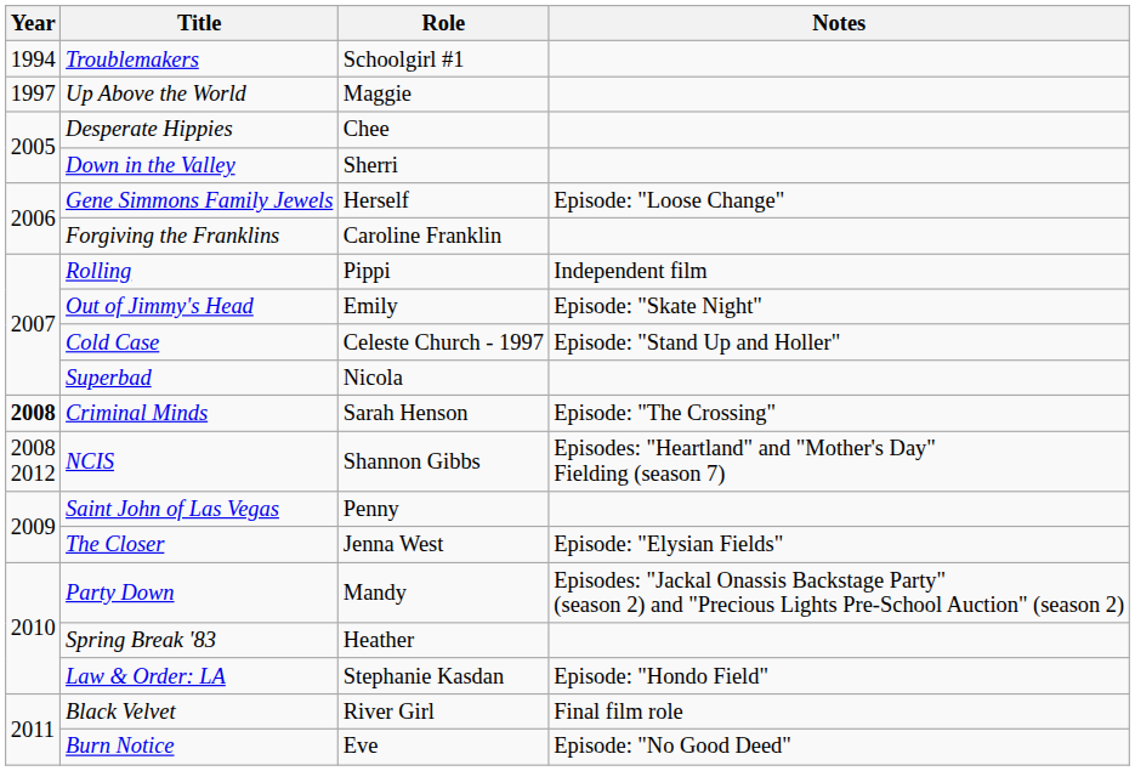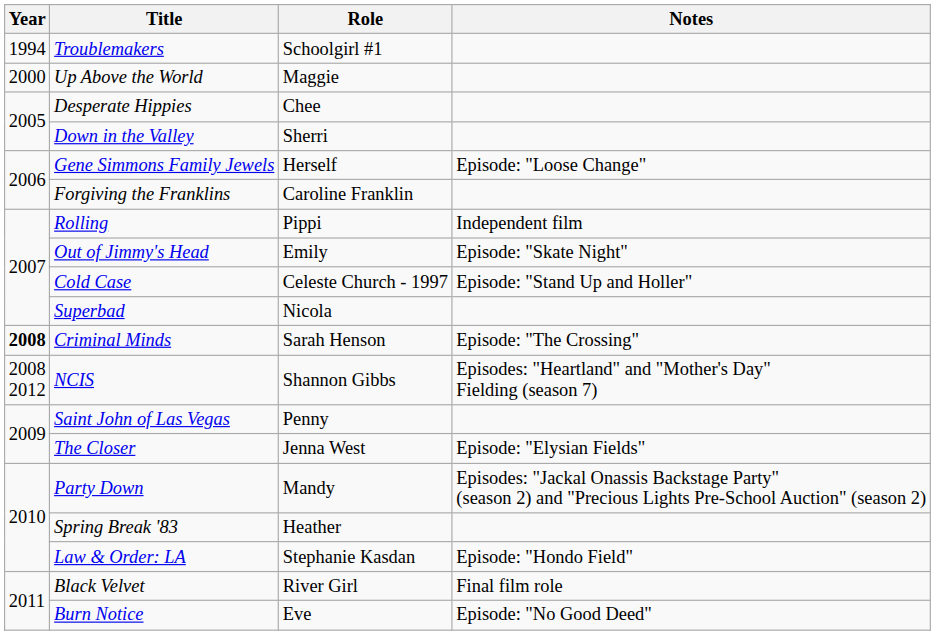 <table class="wikitable sortable">
 <tr>
 <th>Year</th>
 <th>Title</th>
 <th>Role</th>
 <th class="unsortable">Notes</th>
 </tr>
 <tr>
 <td>1994</td>
 <td><em><a href='#'>Troublemakers</a></em></td>
 <td>Schoolgirl #1</td>
 <td></td>
 </tr>
 <tr>
-<td>1997</td>
+<td>2000</td>
 <td><em>Up Above the World</em></td>
 <td>Maggie</td>
 <td></td>
 </tr>
 <tr>
 <td rowspan="2">2005</td>
 <td><em>Desperate Hippies</em></td>
 <td>Chee</td>
 <td></td>
 </tr>
 <tr>
 <td><em><a href='#'>Down in the Valley</a></em></td>
 <td>Sherri</td>
 <td></td>
 </tr>
 <tr>
 <td rowspan="2">2006</td>
 <td><em><a href='#'>Gene Simmons Family Jewels</a></em></td>
 <td>Herself</td>
 <td>Episode: "Loose Change"</td>
 </tr>
 <tr>
 <td><em>Forgiving the Franklins</em></td>
 <td>Caroline Franklin</td>
 <td></td>
 </tr>
 <tr>
 <td rowspan="4">2007</td>
 <td><em><a href='#'>Rolling</a></em></td>
 <td>Pippi</td>
 <td>Independent film</td>
 </tr>
 <tr>
 <td><em><a href='#'>Out of Jimmy's Head</a></em></td>
 <td>Emily</td>
 <td>Episode: "Skate Night"</td>
 </tr>
 <tr>
 <td><em><a href='#'>Cold Case</a></em></td>
 <td>Celeste Church - 1997</td>
 <td>Episode: "Stand Up and Holler"</td>
 </tr>
 <tr>
 <td><em><a href='#'>Superbad</a></em></td>
 <td>Nicola</td>
 <td></td>
 </tr>
 <tr>
 <td><strong>2008</strong></td>
 <td><em><a href='#'>Criminal Minds</a></em></td>
 <td>Sarah Henson</td>
 <td>Episode: "The Crossing"</td>
 </tr>
 <tr>
 <td>2008<br>2012</td>
 <td><em><a href='#'>NCIS</a></em></td>
 <td>Shannon Gibbs</td>
 <td>Episodes: "Heartland" and "Mother's Day"<br>Fielding (season 7)</td>
 </tr>
 <tr>
 <td rowspan="2">2009</td>
 <td><em><a href='#'>Saint John of Las Vegas</a></em></td>
 <td>Penny</td>
 <td></td>
 </tr>
 <tr>
 <td data-sort-value="Closer, The"><em><a href='#'>The Closer</a></em></td>
 <td>Jenna West</td>
 <td>Episode: "Elysian Fields"</td>
 </tr>
 <tr>
 <td rowspan="3">2010</td>
 <td><em><a href='#'>Party Down</a></em></td>
 <td>Mandy</td>
 <td>Episodes: "Jackal Onassis Backstage Party"<br>(season 2) and "Precious Lights Pre-School Auction" (season 2)</td>
 </tr>
 <tr>
 <td><em>Spring Break '83</em></td>
 <td>Heather</td>
 <td></td>
 </tr>
 <tr>
 <td><em><a href='#'>Law & Order: LA</a></em></td>
 <td>Stephanie Kasdan</td>
 <td>Episode: "Hondo Field"</td>
 </tr>
 <tr>
 <td rowspan="2">2011</td>
 <td><em>Black Velvet</em></td>
 <td>River Girl</td>
 <td>Final film role</td>
 </tr>
 <tr>
 <td><em><a href='#'>Burn Notice</a></em></td>
 <td>Eve</td>
 <td>Episode: "No Good Deed"</td>
 </tr>
 </table>
